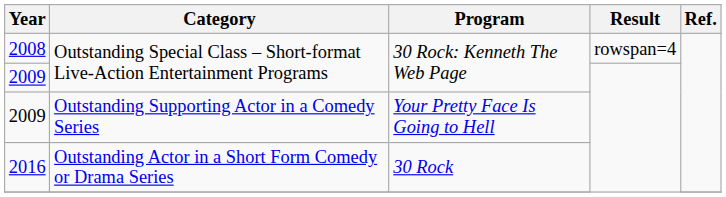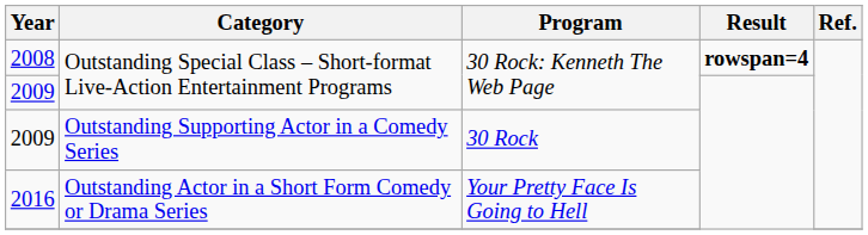 <table class="wikitable plainrowheaders" width=100%>
 <tr>
 <th scope="col" width="5%">Year</th>
 <th scope="col" width="51%">Category</th>
 <th scope="col" width="30%">Program</th>
 <th scope="col" width="10%">Result</th>
 <th scope="col" width="4%">Ref.</th>
 </tr>
 <tr>
 <td><a href='#'>2008</a></td>
 <td rowspan=2>Outstanding Special Class – Short-format Live-Action Entertainment Programs</td>
 <td rowspan=2><em>30 Rock: Kenneth The Web Page</em></td>
-<td>rowspan=4 </td>
+<td><strong>rowspan=4 </strong></td>
 <td rowspan=4><div></div></td>
 </tr>
 <tr>
 <td><a href='#'>2009</a></td>
 </tr>
 <tr>
 <td>2009</td>
 <td><a href='#'>Outstanding Supporting Actor in a Comedy Series</a></td>
-<td><em><a href='#'>Your Pretty Face Is Going to Hell</a></em></td>
+<td><em><a href='#'>30 Rock</a></em></td>
 </tr>
 <tr>
 <td><a href='#'>2016</a></td>
 <td><a href='#'>Outstanding Actor in a Short Form Comedy or Drama Series</a></td>
-<td><em><a href='#'>30 Rock</a></em></td>
+<td><em><a href='#'>Your Pretty Face Is Going to Hell</a></em></td>
 </tr>
 <tr>
 </tr>
 </table>
